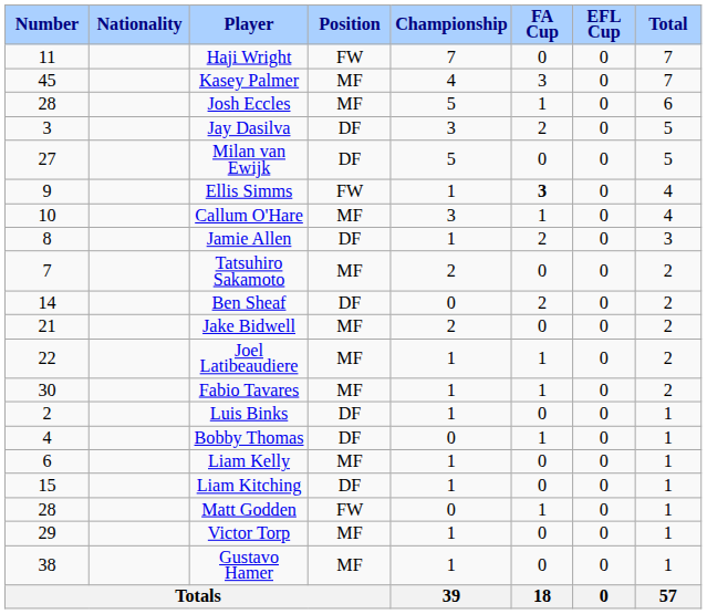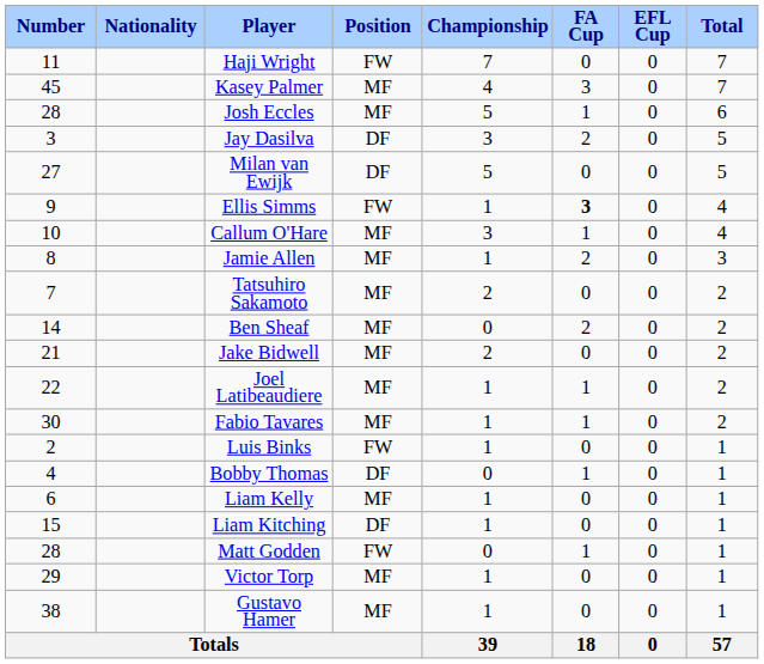 <table class="wikitable sortable alternance" style="font-size:100%; text-align:center; line-height:14px; width:100%;">
 <tr>
 <th style="background:#AAD0FF; color:#000080; width:100px;">Number</th>
 <th style="background:#AAD0FF; color:#000080; width:100px;">Nationality</th>
 <th style="background:#AAD0FF; color:#000080; width:130px;">Player</th>
 <th style="background:#AAD0FF; color:#000080; width:100px;">Position</th>
 <th style="background:#AAD0FF; color:#000080; width:100px;">Championship</th>
 <th style="background:#AAD0FF; color:#000080; width:100px;">FA Cup</th>
 <th style="background:#AAD0FF; color:#000080; width:100px;">EFL Cup</th>
 <th style="background:#AAD0FF; color:#000080; width:100px;">Total</th>
 </tr>
 <tr>
 <td>11</td>
 <td></td>
 <td><a href='#'>Haji Wright</a></td>
 <td>FW</td>
 <td>7</td>
 <td>0</td>
 <td>0</td>
 <td>7</td>
 </tr>
 <tr>
 <td>45</td>
 <td></td>
 <td><a href='#'>Kasey Palmer</a></td>
 <td>MF</td>
 <td>4</td>
 <td>3</td>
 <td>0</td>
 <td>7</td>
 </tr>
 <tr>
 <td>28</td>
 <td></td>
 <td><a href='#'>Josh Eccles</a></td>
 <td>MF</td>
 <td>5</td>
 <td>1</td>
 <td>0</td>
 <td>6</td>
 </tr>
 <tr>
 <td>3</td>
 <td></td>
 <td><a href='#'>Jay Dasilva</a></td>
 <td>DF</td>
 <td>3</td>
 <td>2</td>
 <td>0</td>
 <td>5</td>
 </tr>
 <tr>
 <td>27</td>
 <td></td>
 <td><a href='#'>Milan van Ewijk</a></td>
 <td>DF</td>
 <td>5</td>
 <td>0</td>
 <td>0</td>
 <td>5</td>
 </tr>
 <tr>
 <td>9</td>
 <td></td>
 <td><a href='#'>Ellis Simms</a></td>
 <td>FW</td>
 <td>1</td>
 <td><strong>3</strong></td>
 <td>0</td>
 <td>4</td>
 </tr>
 <tr>
 <td>10</td>
 <td></td>
 <td><a href='#'>Callum O'Hare</a></td>
 <td>MF</td>
 <td>3</td>
 <td>1</td>
 <td>0</td>
 <td>4</td>
 </tr>
 <tr>
 <td>8</td>
 <td></td>
 <td><a href='#'>Jamie Allen</a></td>
-<td>DF</td>
+<td>MF</td>
 <td>1</td>
 <td>2</td>
 <td>0</td>
 <td>3</td>
 </tr>
 <tr>
 <td>7</td>
 <td></td>
 <td><a href='#'>Tatsuhiro Sakamoto</a></td>
 <td>MF</td>
 <td>2</td>
 <td>0</td>
 <td>0</td>
 <td>2</td>
 </tr>
 <tr>
 <td>14</td>
 <td></td>
 <td><a href='#'>Ben Sheaf</a></td>
-<td>DF</td>
+<td>MF</td>
 <td>0</td>
 <td>2</td>
 <td>0</td>
 <td>2</td>
 </tr>
 <tr>
 <td>21</td>
 <td></td>
 <td><a href='#'>Jake Bidwell</a></td>
 <td>MF</td>
 <td>2</td>
 <td>0</td>
 <td>0</td>
 <td>2</td>
 </tr>
 <tr>
 <td>22</td>
 <td></td>
 <td><a href='#'>Joel Latibeaudiere</a></td>
 <td>MF</td>
 <td>1</td>
 <td>1</td>
 <td>0</td>
 <td>2</td>
 </tr>
 <tr>
 <td>30</td>
 <td></td>
 <td><a href='#'>Fabio Tavares</a></td>
 <td>MF</td>
 <td>1</td>
 <td>1</td>
 <td>0</td>
 <td>2</td>
 </tr>
 <tr>
 <td>2</td>
 <td></td>
 <td><a href='#'>Luis Binks</a></td>
-<td>DF</td>
+<td>FW</td>
 <td>1</td>
 <td>0</td>
 <td>0</td>
 <td>1</td>
 </tr>
 <tr>
 <td>4</td>
 <td></td>
 <td><a href='#'>Bobby Thomas</a></td>
 <td>DF</td>
 <td>0</td>
 <td>1</td>
 <td>0</td>
 <td>1</td>
 </tr>
 <tr>
 <td>6</td>
 <td></td>
 <td><a href='#'>Liam Kelly</a></td>
 <td>MF</td>
 <td>1</td>
 <td>0</td>
 <td>0</td>
 <td>1</td>
 </tr>
 <tr>
 <td>15</td>
 <td></td>
 <td><a href='#'>Liam Kitching</a></td>
 <td>DF</td>
 <td>1</td>
 <td>0</td>
 <td>0</td>
 <td>1</td>
 </tr>
 <tr>
 <td>28</td>
 <td></td>
 <td><a href='#'>Matt Godden</a></td>
 <td>FW</td>
 <td>0</td>
 <td>1</td>
 <td>0</td>
 <td>1</td>
 </tr>
 <tr>
 <td>29</td>
 <td></td>
 <td><a href='#'>Victor Torp</a></td>
 <td>MF</td>
 <td>1</td>
 <td>0</td>
 <td>0</td>
 <td>1</td>
 </tr>
 <tr>
 <td>38</td>
 <td></td>
 <td><a href='#'>Gustavo Hamer</a></td>
 <td>MF</td>
 <td>1</td>
 <td>0</td>
 <td>0</td>
 <td>1</td>
 </tr>
 <tr class="sortbottom">
 <th colspan="4">Totals</th>
 <th>39</th>
 <th>18</th>
 <th>0</th>
 <th>57</th>
 </tr>
 </table>
